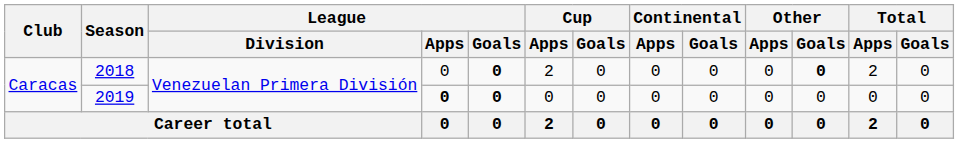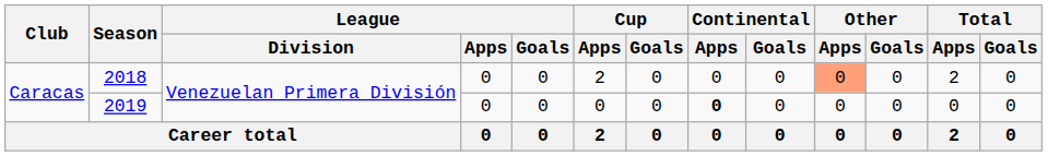 <table class="wikitable" style="text-align: center">
 <tr>
 <th rowspan="2">Club</th>
 <th rowspan="2">Season</th>
 <th colspan="3">League</th>
 <th colspan="2">Cup</th>
 <th colspan="2">Continental</th>
 <th colspan="2">Other</th>
 <th colspan="2">Total</th>
 </tr>
 <tr>
 <th>Division</th>
 <th>Apps</th>
 <th>Goals</th>
 <th>Apps</th>
 <th>Goals</th>
 <th>Apps</th>
 <th>Goals</th>
 <th>Apps</th>
 <th>Goals</th>
 <th>Apps</th>
 <th>Goals</th>
 </tr>
 <tr>
 <td rowspan="2"><a href='#'>Caracas</a></td>
 <td><a href='#'>2018</a></td>
 <td rowspan="2"><a href='#'>Venezuelan Primera División</a></td>
 <td>0</td>
-<td><strong>0</strong></td>
+<td>0</td>
 <td>2</td>
+<td>0</td>
+<td>0</td>
+<td>0</td>
+<td style="background: lightsalmon;">0</td>
+<td>0</td>
+<td>2</td>
+<td>0</td>
+</tr>
+<tr>
+<td><a href='#'>2019</a></td>
 <td>0</td>
 <td>0</td>
 <td>0</td>
 <td>0</td>
 <td><strong>0</strong></td>
-<td>2</td>
-<td>0</td>
-</tr>
-<tr>
-<td><a href='#'>2019</a></td>
-<td><strong>0</strong></td>
-<td><strong>0</strong></td>
-<td>0</td>
-<td>0</td>
-<td>0</td>
 <td>0</td>
 <td>0</td>
 <td>0</td>
 <td>0</td>
 <td>0</td>
 </tr>
 <tr>
 <th colspan="3"><strong>Career total</strong></th>
 <th>0</th>
 <th>0</th>
 <th>2</th>
 <th>0</th>
 <th>0</th>
 <th>0</th>
 <th>0</th>
 <th>0</th>
 <th>2</th>
 <th>0</th>
 </tr>
 </table>
